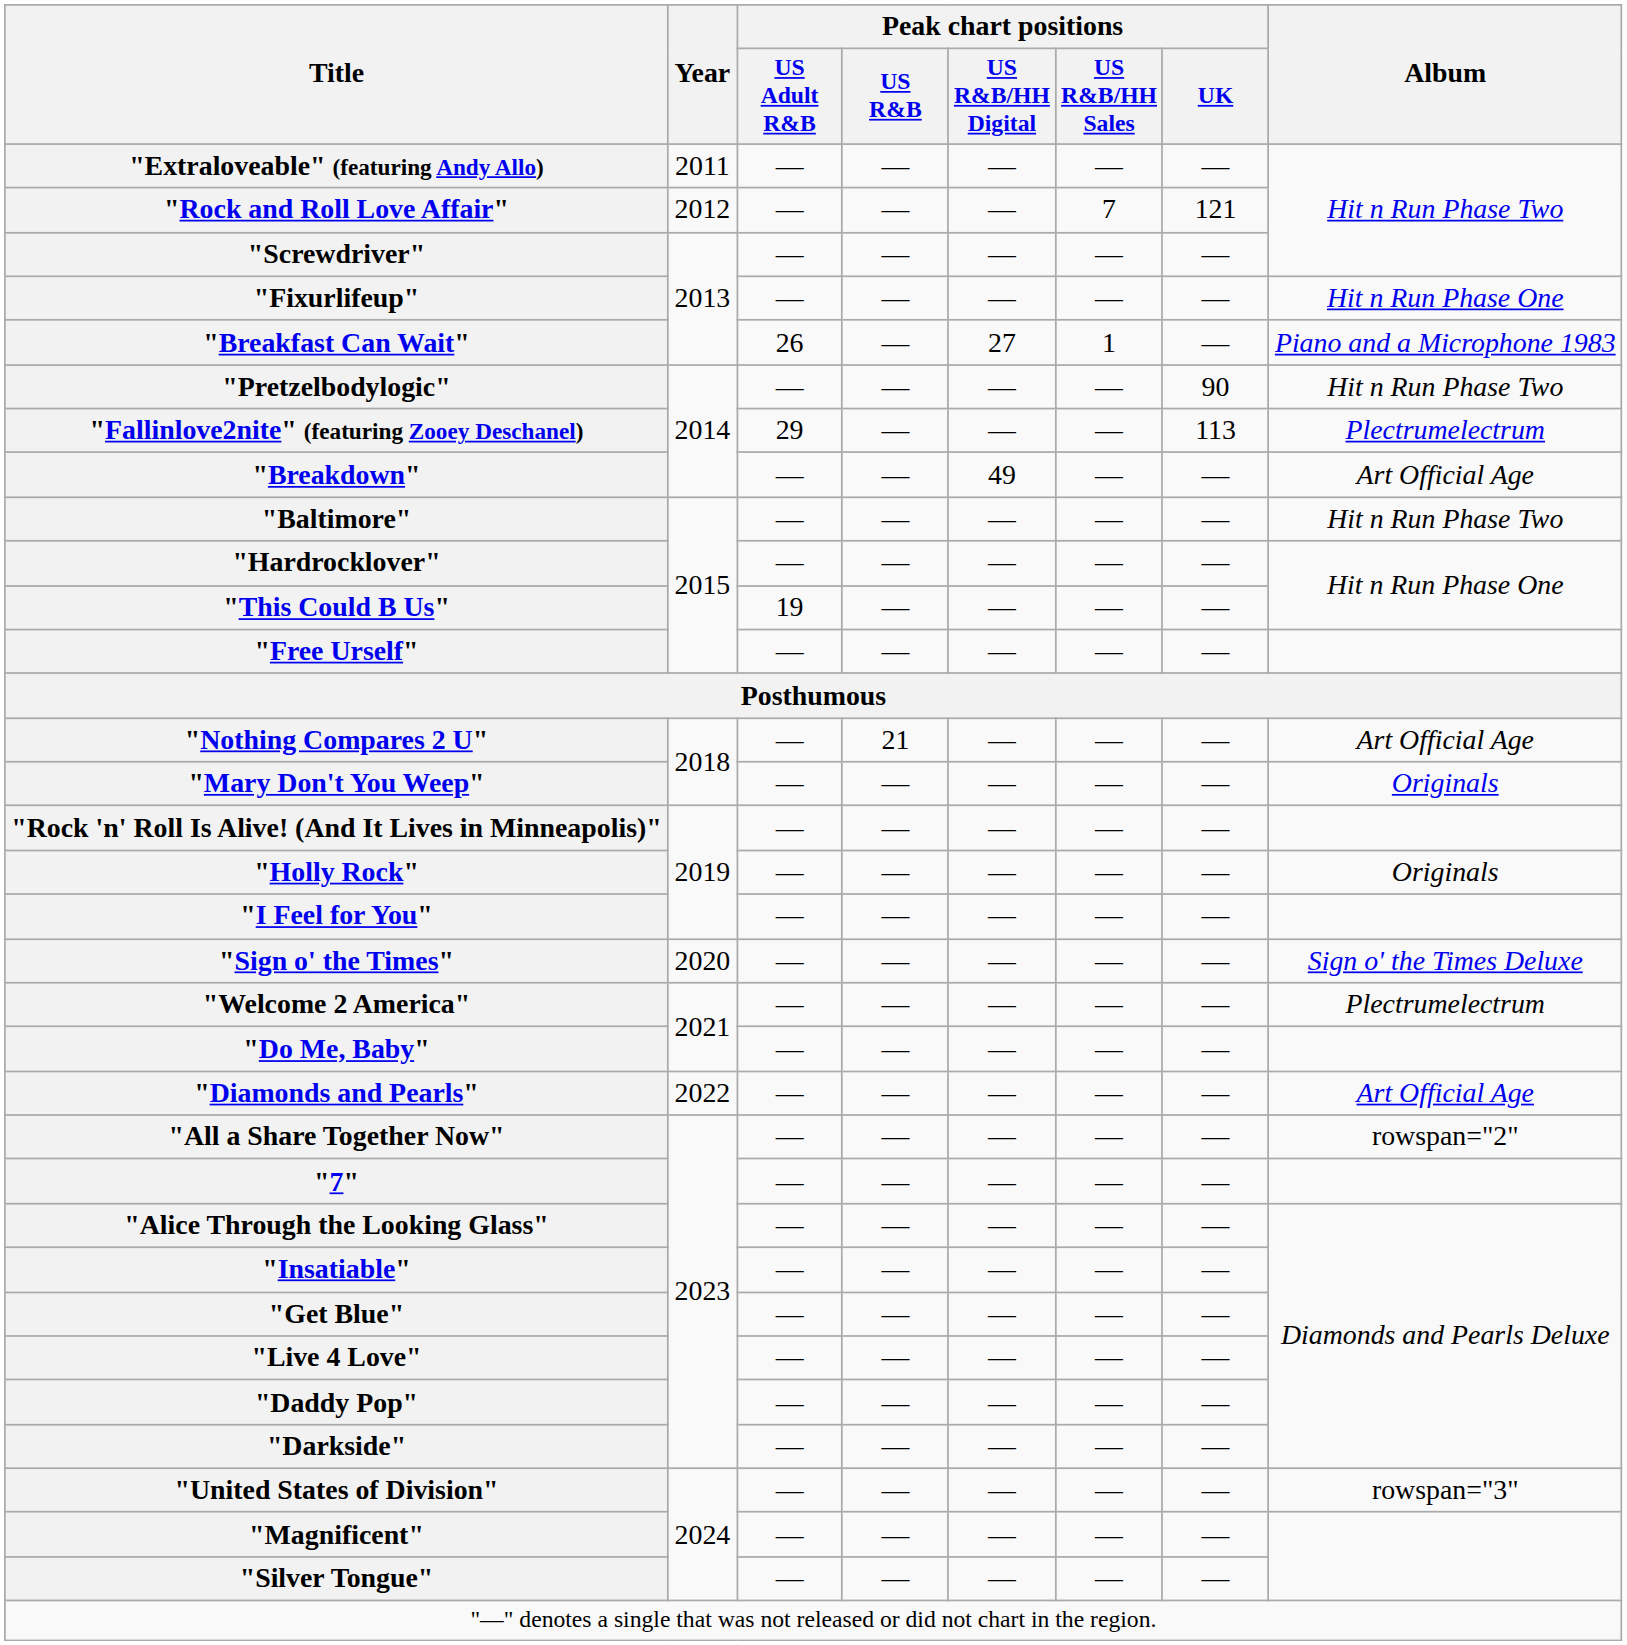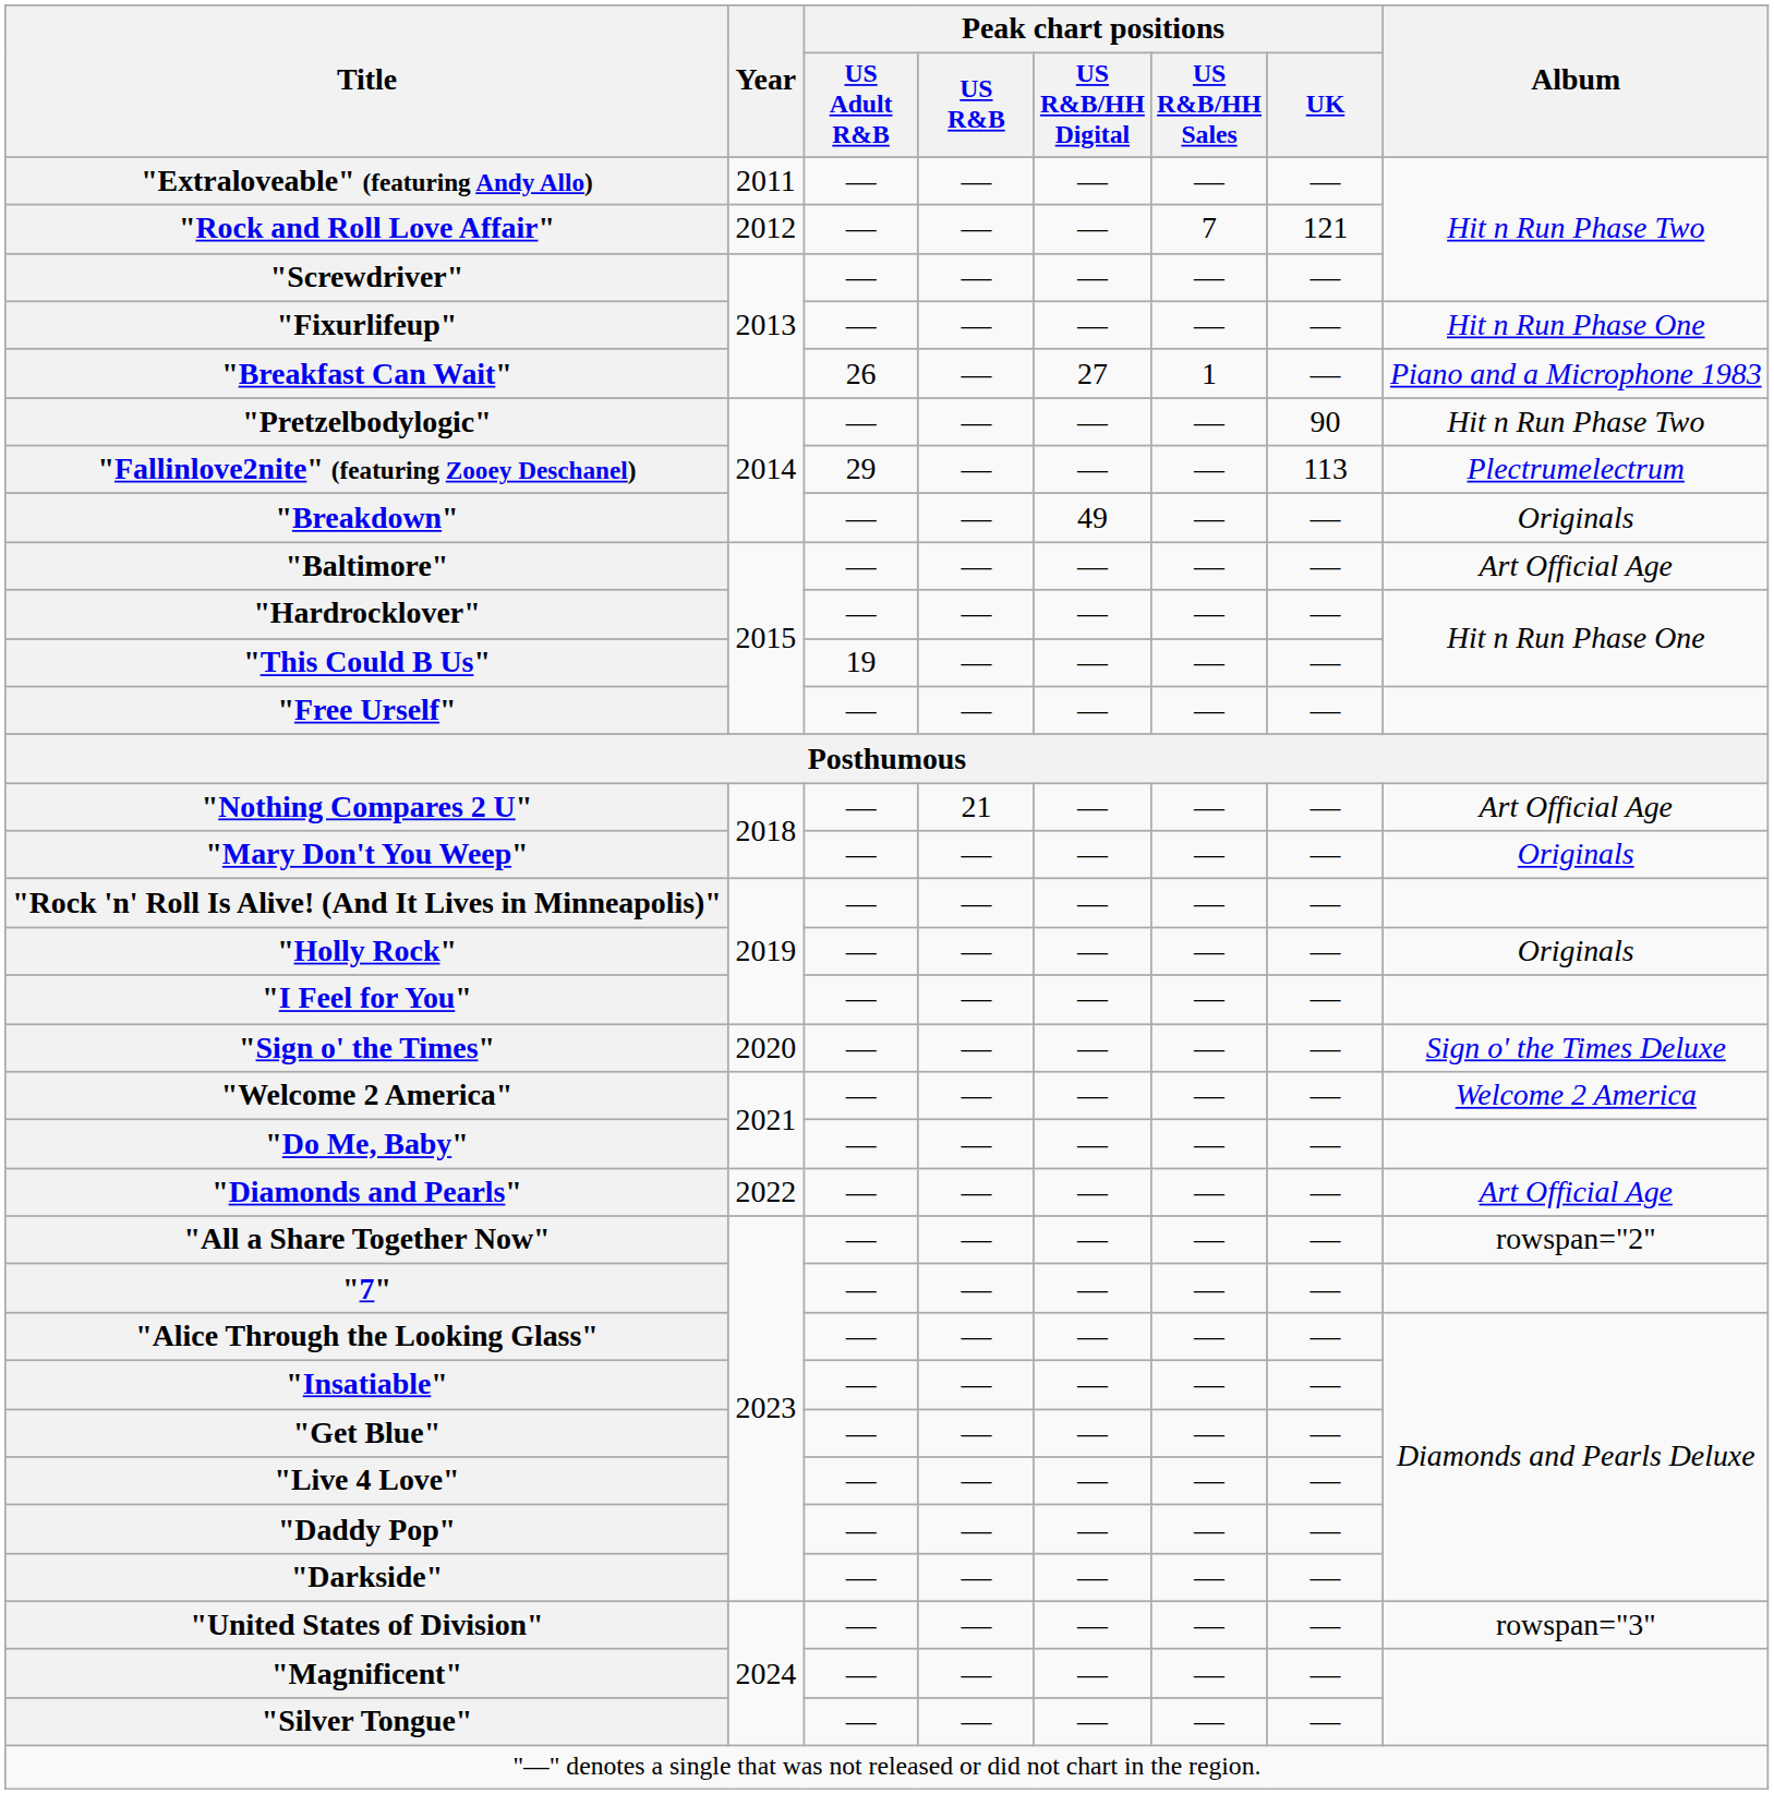 <table class="wikitable plainrowheaders" style="text-align:center;">
 <tr>
 <th scope="col" rowspan="2">Title</th>
 <th scope="col" rowspan="2">Year</th>
 <th scope="col" colspan="5">Peak chart positions</th>
 <th scope="col" rowspan="2">Album</th>
 </tr>
 <tr>
 <th style="width:4em;font-size:85%"><a href='#'>US<br>Adult<br>R&B</a><br></th>
 <th style="width:4em;font-size:85%"><a href='#'>US<br>R&B</a><br></th>
 <th style="width:4em;font-size:85%"><a href='#'>US<br>R&B/HH<br>Digital</a><br></th>
 <th style="width:4em;font-size:85%"><a href='#'>US<br>R&B/HH<br>Sales</a><br></th>
 <th style="width:4em;font-size:85%"><a href='#'>UK</a><br></th>
 </tr>
 <tr>
 <th scope="row">"Extraloveable" <small>(featuring <a href='#'>Andy Allo</a>)</small></th>
 <td>2011</td>
 <td>—</td>
 <td>—</td>
 <td>—</td>
 <td>—</td>
 <td>—</td>
 <td rowspan="3"><em><a href='#'>Hit n Run Phase Two</a></em></td>
 </tr>
 <tr>
 <th scope="row">"<a href='#'>Rock and Roll Love Affair</a>" </th>
 <td>2012</td>
 <td>—</td>
 <td>—</td>
 <td>—</td>
 <td>7</td>
 <td>121</td>
 </tr>
 <tr>
 <th scope="row">"Screwdriver" </th>
 <td rowspan="3">2013</td>
 <td>—</td>
 <td>—</td>
 <td>—</td>
 <td>—</td>
 <td>—</td>
 </tr>
 <tr>
 <th scope="row">"Fixurlifeup" </th>
 <td>—</td>
 <td>—</td>
 <td>—</td>
 <td>—</td>
 <td>—</td>
 <td><em><a href='#'>Hit n Run Phase One</a></em></td>
 </tr>
 <tr>
 <th scope="row">"<a href='#'>Breakfast Can Wait</a>"</th>
 <td>26</td>
 <td>—</td>
 <td>27</td>
 <td>1</td>
 <td>—</td>
 <td><em><a href='#'>Piano and a Microphone 1983</a></em></td>
 </tr>
 <tr>
 <th scope="row">"Pretzelbodylogic" </th>
 <td rowspan="3">2014</td>
 <td>—</td>
 <td>—</td>
 <td>—</td>
 <td>—</td>
 <td>90</td>
 <td><em>Hit n Run Phase Two</em></td>
 </tr>
 <tr>
 <th scope="row">"<a href='#'>Fallinlove2nite</a>" <small>(featuring <a href='#'>Zooey Deschanel</a>)</small> </th>
 <td>29</td>
 <td>—</td>
 <td>—</td>
 <td>—</td>
 <td>113</td>
 <td><em><a href='#'>Plectrumelectrum</a></em></td>
 </tr>
 <tr>
 <th scope="row">"<a href='#'>Breakdown</a>"</th>
 <td>—</td>
 <td>—</td>
 <td>49</td>
 <td>—</td>
 <td>—</td>
-<td><em>Art Official Age</em></td>
+<td><em>Originals</em></td>
 </tr>
 <tr>
 <th scope="row">"Baltimore" </th>
 <td rowspan="4">2015</td>
 <td>—</td>
 <td>—</td>
 <td>—</td>
 <td>—</td>
 <td>—</td>
-<td><em>Hit n Run Phase Two</em></td>
+<td><em>Art Official Age</em></td>
 </tr>
 <tr>
 <th scope="row">"Hardrocklover"</th>
 <td>—</td>
 <td>—</td>
 <td>—</td>
 <td>—</td>
 <td>—</td>
 <td rowspan="2"><em>Hit n Run Phase One</em></td>
 </tr>
 <tr>
 <th scope="row">"<a href='#'>This Could B Us</a>"</th>
 <td>19</td>
 <td>—</td>
 <td>—</td>
 <td>—</td>
 <td>—</td>
 </tr>
 <tr>
 <th scope="row">"<a href='#'>Free Urself</a>"</th>
 <td>—</td>
 <td>—</td>
 <td>—</td>
 <td>—</td>
 <td>—</td>
 <td></td>
 </tr>
 <tr>
 <th colspan="8">Posthumous</th>
 </tr>
 <tr>
 <th scope="row">"<a href='#'>Nothing Compares 2 U</a>" </th>
 <td rowspan="2">2018</td>
 <td>—</td>
 <td>21</td>
 <td>—</td>
 <td>—</td>
 <td>—</td>
 <td><em>Art Official Age</em></td>
 </tr>
 <tr>
 <th scope="row">"<a href='#'>Mary Don't You Weep</a>"</th>
 <td>—</td>
 <td>—</td>
 <td>—</td>
 <td>—</td>
 <td>—</td>
 <td><em><a href='#'>Originals</a></em></td>
 </tr>
 <tr>
 <th scope="row">"Rock 'n' Roll Is Alive! (And It Lives in Minneapolis)"</th>
 <td rowspan="3">2019</td>
 <td>—</td>
 <td>—</td>
 <td>—</td>
 <td>—</td>
 <td>—</td>
 <td></td>
 </tr>
 <tr>
 <th scope="row">"<a href='#'>Holly Rock</a>"</th>
 <td>—</td>
 <td>—</td>
 <td>—</td>
 <td>—</td>
 <td>—</td>
 <td><em>Originals</em></td>
 </tr>
 <tr>
 <th scope="row">"<a href='#'>I Feel for You</a>" </th>
 <td>—</td>
 <td>—</td>
 <td>—</td>
 <td>—</td>
 <td>—</td>
 <td></td>
 </tr>
 <tr>
 <th scope="row">"<a href='#'>Sign o' the Times</a>" </th>
 <td>2020</td>
 <td>—</td>
 <td>—</td>
 <td>—</td>
 <td>—</td>
 <td>—</td>
 <td><em><a href='#'>Sign o' the Times Deluxe</a></em></td>
 </tr>
 <tr>
 <th scope="row">"Welcome 2 America"</th>
 <td rowspan="2">2021</td>
 <td>—</td>
 <td>—</td>
 <td>—</td>
 <td>—</td>
 <td>—</td>
-<td><em>Plectrumelectrum</em></td>
+<td><em><a href='#'>Welcome 2 America</a></em></td>
 </tr>
 <tr>
 <th scope="row">"<a href='#'>Do Me, Baby</a>" </th>
 <td>—</td>
 <td>—</td>
 <td>—</td>
 <td>—</td>
 <td>—</td>
 <td></td>
 </tr>
 <tr>
 <th scope="row">"<a href='#'>Diamonds and Pearls</a>" </th>
 <td>2022</td>
 <td>—</td>
 <td>—</td>
 <td>—</td>
 <td>—</td>
 <td>—</td>
 <td><em><a href='#'>Art Official Age</a></em></td>
 </tr>
 <tr>
 <th scope="row">"All a Share Together Now"</th>
 <td rowspan="8">2023</td>
 <td>—</td>
 <td>—</td>
 <td>—</td>
 <td>—</td>
 <td>—</td>
 <td>rowspan="2" </td>
 </tr>
 <tr>
 <th scope="row">"<a href='#'>7</a>" </th>
 <td>—</td>
 <td>—</td>
 <td>—</td>
 <td>—</td>
 <td>—</td>
 </tr>
 <tr>
 <th scope="row">"Alice Through the Looking Glass"</th>
 <td>—</td>
 <td>—</td>
 <td>—</td>
 <td>—</td>
 <td>—</td>
 <td rowspan="6"><em>Diamonds and Pearls Deluxe</em></td>
 </tr>
 <tr>
 <th scope="row">"<a href='#'>Insatiable</a>" </th>
 <td>—</td>
 <td>—</td>
 <td>—</td>
 <td>—</td>
 <td>—</td>
 </tr>
 <tr>
 <th scope="row">"Get Blue"</th>
 <td>—</td>
 <td>—</td>
 <td>—</td>
 <td>—</td>
 <td>—</td>
 </tr>
 <tr>
 <th scope="row">"Live 4 Love"</th>
 <td>—</td>
 <td>—</td>
 <td>—</td>
 <td>—</td>
 <td>—</td>
 </tr>
 <tr>
 <th scope="row">"Daddy Pop" </th>
 <td>—</td>
 <td>—</td>
 <td>—</td>
 <td>—</td>
 <td>—</td>
 </tr>
 <tr>
 <th scope="row">"Darkside"</th>
 <td>—</td>
 <td>—</td>
 <td>—</td>
 <td>—</td>
 <td>—</td>
 </tr>
 <tr>
 <th scope="row">"United States of Division"</th>
 <td rowspan="3">2024</td>
 <td>—</td>
 <td>—</td>
 <td>—</td>
 <td>—</td>
 <td>—</td>
 <td>rowspan="3" </td>
 </tr>
 <tr>
 <th scope="row">"Magnificent"</th>
 <td>—</td>
 <td>—</td>
 <td>—</td>
 <td>—</td>
 <td>—</td>
 </tr>
 <tr>
 <th scope="row">"Silver Tongue"</th>
 <td>—</td>
 <td>—</td>
 <td>—</td>
 <td>—</td>
 <td>—</td>
 </tr>
 <tr>
 <td colspan="8" style="font-size:85%;">"—" denotes a single that was not released or did not chart in the region.</td>
 </tr>
 </table>
